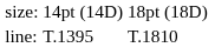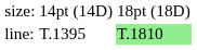 <table style="margin-left:40px;">
 <tr>
 <td>size:</td>
 <td>14pt (14D)</td>
 <td>18pt (18D)</td>
 </tr>
 <tr>
 <td>line:</td>
 <td>T.1395</td>
-<td>T.1810</td>
+<td style="background: lightgreen;">T.1810</td>
 </tr>
 </table>
